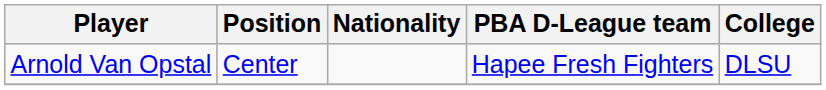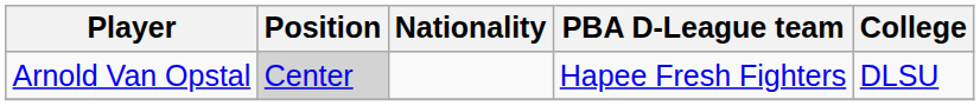 <table class="wikitable sortable sortable">
 <tr>
 <th>Player</th>
 <th>Position</th>
 <th>Nationality</th>
 <th>PBA D-League team</th>
 <th>College</th>
 </tr>
 <tr>
 <td><a href='#'>Arnold Van Opstal</a></td>
-<td><a href='#'>Center</a></td>
+<td style="background: lightgrey;"><a href='#'>Center</a></td>
 <td></td>
 <td><a href='#'>Hapee Fresh Fighters</a></td>
 <td><a href='#'>DLSU</a></td>
 </tr>
 <tr>
 </tr>
 </table>
